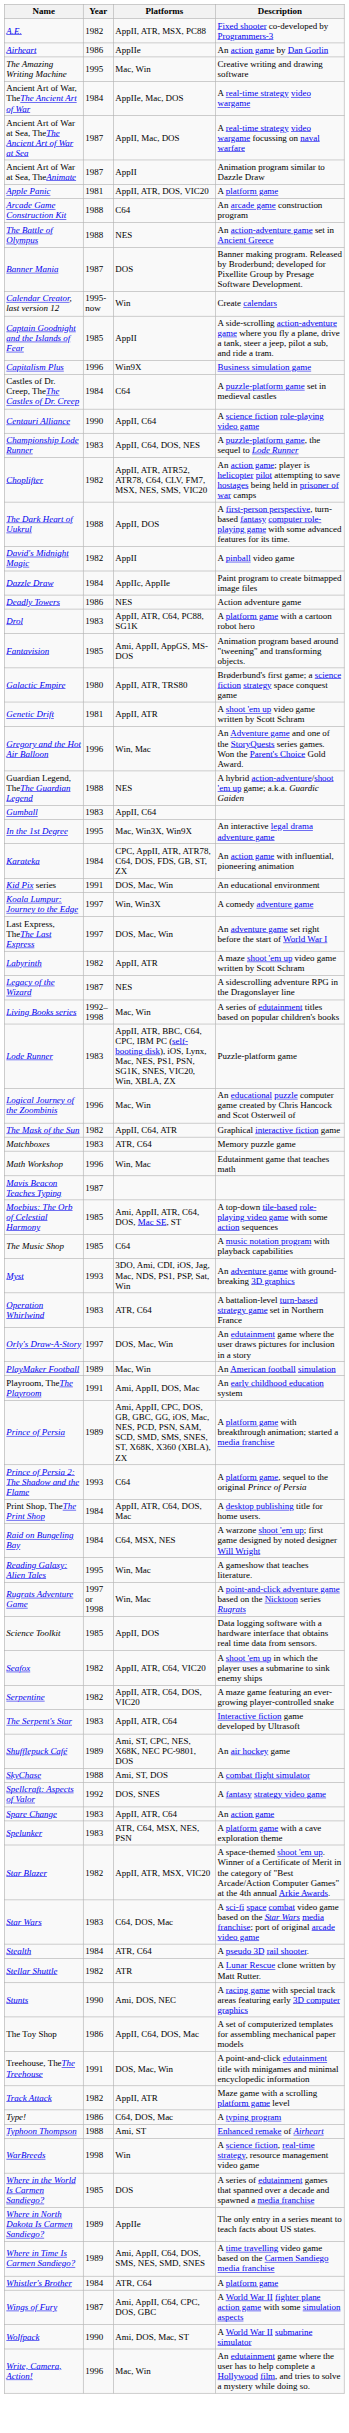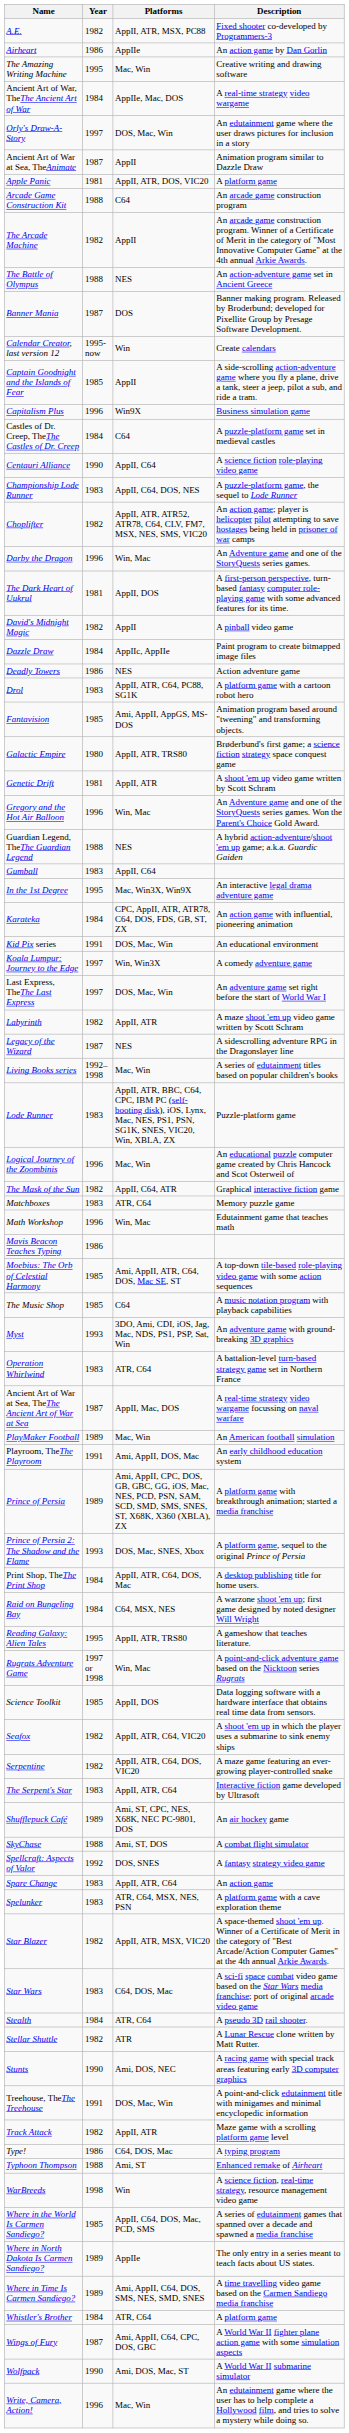 <table class="wikitable sortable">
 <tr>
 <th>Name</th>
 <th>Year</th>
 <th class="unsortable">Platforms</th>
 <th class="unsortable">Description</th>
 </tr>
 <tr id="A">
 <td><em><a href='#'>A.E.</a></em></td>
 <td>1982</td>
 <td>AppII, ATR, MSX, PC88</td>
 <td><a href='#'>Fixed shooter</a> co-developed by <a href='#'>Programmers-3</a></td>
 </tr>
 <tr>
 <td><em><a href='#'>Airheart</a></em></td>
 <td>1986</td>
 <td>AppIIe</td>
 <td>An <a href='#'>action game</a> by <a href='#'>Dan Gorlin</a></td>
 </tr>
 <tr>
 <td><em>The Amazing Writing Machine</em></td>
 <td>1995</td>
 <td>Mac, Win</td>
 <td>Creative writing and drawing software</td>
 </tr>
 <tr>
 <td><span>Ancient Art of War, The</span><em><a href='#'>The Ancient Art of War</a></em></td>
 <td>1984</td>
 <td>AppIIe, Mac, DOS</td>
 <td>A <a href='#'>real-time strategy</a> <a href='#'>video wargame</a></td>
 </tr>
 <tr>
-<td><span>Ancient Art of War at Sea, The</span><em><a href='#'>The Ancient Art of War at Sea</a></em></td>
-<td>1987</td>
-<td>AppII, Mac, DOS</td>
-<td>A <a href='#'>real-time strategy</a> <a href='#'>video wargame</a> focussing on <a href='#'>naval warfare</a></td>
+<td><em><a href='#'>Orly's Draw-A-Story</a></em></td>
+<td>1997</td>
+<td>DOS, Mac, Win</td>
+<td>An <a href='#'>edutainment</a> game where the user draws pictures for inclusion in a story</td>
 </tr>
 <tr>
 <td><span>Ancient Art of War at Sea, The</span><em><a href='#'>Animate</a></em></td>
 <td>1987</td>
 <td>AppII</td>
 <td>Animation program similar to Dazzle Draw</td>
 </tr>
 <tr>
 <td><em><a href='#'>Apple Panic</a></em></td>
 <td>1981</td>
 <td>AppII, ATR, DOS, VIC20</td>
 <td>A <a href='#'>platform game</a></td>
 </tr>
 <tr>
 <td><em><a href='#'>Arcade Game Construction Kit</a></em></td>
 <td>1988</td>
 <td>C64</td>
 <td>An <a href='#'>arcade game</a> construction program</td>
+</tr>
+<tr>
+<td><em><a href='#'>The Arcade Machine</a></em></td>
+<td>1982</td>
+<td>AppII</td>
+<td>An <a href='#'>arcade game</a> construction program. Winner of a Certificate of Merit in the category of "Most Innovative Computer Game" at the 4th annual <a href='#'>Arkie Awards</a>.</td>
 </tr>
 <tr id="B">
 <td><em><a href='#'>The Battle of Olympus</a></em></td>
 <td>1988</td>
 <td>NES</td>
 <td>An <a href='#'>action-adventure game</a> set in <a href='#'>Ancient Greece</a></td>
 </tr>
 <tr>
 <td><em><a href='#'>Banner Mania</a></em></td>
 <td>1987</td>
 <td>DOS</td>
 <td>Banner making program. Released by Broderbund; developed for Pixellite Group by Presage Software Development.</td>
 </tr>
 <tr id="C">
 <td><em><a href='#'>Calendar Creator</a>, last version 12</em></td>
 <td>1995-now</td>
 <td>Win</td>
 <td>Create <a href='#'>calendars</a></td>
 </tr>
 <tr>
 <td><em><a href='#'>Captain Goodnight and the Islands of Fear</a></em></td>
 <td>1985</td>
 <td>AppII</td>
 <td>A side-scrolling <a href='#'>action-adventure game</a> where you fly a plane, drive a tank, steer a jeep, pilot a sub, and ride a tram.</td>
 </tr>
 <tr>
 <td><em><a href='#'>Capitalism Plus</a></em></td>
 <td>1996</td>
 <td>Win9X</td>
 <td><a href='#'>Business simulation game</a></td>
 </tr>
 <tr>
 <td><span>Castles of Dr. Creep, The</span><em><a href='#'>The Castles of Dr. Creep</a></em></td>
 <td>1984</td>
 <td>C64</td>
 <td>A <a href='#'>puzzle-platform game</a> set in medieval castles</td>
 </tr>
 <tr>
 <td><em><a href='#'>Centauri Alliance</a></em></td>
 <td>1990</td>
 <td>AppII, C64</td>
 <td>A <a href='#'>science fiction</a> <a href='#'>role-playing video game</a></td>
 </tr>
 <tr>
 <td><em><a href='#'>Championship Lode Runner</a></em></td>
 <td>1983</td>
 <td>AppII, C64, DOS, NES</td>
 <td>A <a href='#'>puzzle-platform game</a>, the sequel to <em><a href='#'>Lode Runner</a></em></td>
 </tr>
 <tr>
 <td><em><a href='#'>Choplifter</a></em></td>
 <td>1982</td>
 <td>AppII, ATR, ATR52, ATR78, C64, CLV, FM7, MSX, NES, SMS, VIC20</td>
 <td>An <a href='#'>action game</a>; player is <a href='#'>helicopter</a> <a href='#'>pilot</a> attempting to save <a href='#'>hostages</a> being held in <a href='#'>prisoner of war</a> camps</td>
 </tr>
+<tr id="D">
+<td><em><a href='#'>Darby the Dragon</a></em></td>
+<td>1996</td>
+<td>Win, Mac</td>
+<td>An <a href='#'>Adventure game</a> and one of the 	<a href='#'>StoryQuests</a> series games.</td>
+</tr>
 <tr>
 <td><em><a href='#'>The Dark Heart of Uukrul</a></em></td>
-<td>1988</td>
+<td>1981</td>
 <td>AppII, DOS</td>
 <td>A <a href='#'>first-person perspective</a>, turn-based <a href='#'>fantasy</a> <a href='#'>computer role-playing game</a> with some advanced features for its time.</td>
 </tr>
 <tr>
 <td><em><a href='#'>David's Midnight Magic</a></em></td>
 <td>1982</td>
 <td>AppII</td>
 <td>A <a href='#'>pinball</a> video game</td>
 </tr>
 <tr>
 <td><em><a href='#'>Dazzle Draw</a></em></td>
 <td>1984</td>
 <td>AppIIc, AppIIe</td>
 <td>Paint program to create bitmapped image files</td>
 </tr>
 <tr>
 <td><em><a href='#'>Deadly Towers</a></em></td>
 <td>1986</td>
 <td>NES</td>
 <td>Action adventure game</td>
 </tr>
 <tr>
 <td><em><a href='#'>Drol</a></em></td>
 <td>1983</td>
 <td>AppII, ATR, C64, PC88, SG1K</td>
 <td>A <a href='#'>platform game</a> with a cartoon robot hero<br></td>
 </tr>
 <tr id="F">
 <td><em><a href='#'>Fantavision</a></em></td>
 <td>1985</td>
 <td>Ami, AppII, AppGS, MS-DOS</td>
 <td>Animation program based around "tweening" and transforming objects.</td>
 </tr>
 <tr id="G">
 <td><em><a href='#'>Galactic Empire</a></em></td>
 <td>1980</td>
 <td>AppII, ATR, TRS80</td>
 <td>Brøderbund's first game; a <a href='#'>science fiction</a> <a href='#'>strategy</a> space conquest game</td>
 </tr>
 <tr>
 <td><em><a href='#'>Genetic Drift</a></em></td>
 <td>1981</td>
 <td>AppII, ATR</td>
 <td>A <a href='#'>shoot 'em up</a> video game written by Scott Schram</td>
 </tr>
 <tr>
 <td><em><a href='#'>Gregory and the Hot Air Balloon</a></em></td>
 <td>1996</td>
 <td>Win, Mac</td>
 <td>An <a href='#'>Adventure game</a> and one of the 	<a href='#'>StoryQuests</a> series games. Won the <a href='#'>Parent's Choice</a> Gold Award.</td>
 </tr>
 <tr>
 <td><span>Guardian Legend, The</span><em><a href='#'>The Guardian Legend</a></em></td>
 <td>1988</td>
 <td>NES</td>
 <td>A hybrid <a href='#'>action-adventure</a>/<a href='#'>shoot 'em up</a> game; a.k.a. <em>Guardic Gaiden</em></td>
 </tr>
 <tr>
 <td><em><a href='#'>Gumball</a></em></td>
 <td>1983</td>
 <td>AppII, C64</td>
 </tr>
 <tr>
 <td><em><a href='#'>In the 1st Degree</a></em></td>
 <td>1995</td>
 <td>Mac, Win3X, Win9X</td>
 <td>An interactive <a href='#'>legal drama</a> <a href='#'>adventure game</a><br>  </td>
 </tr>
 <tr id="K">
 <td><em><a href='#'>Karateka</a></em></td>
 <td>1984</td>
 <td>CPC, AppII, ATR, ATR78, C64, DOS, FDS, GB, ST, ZX</td>
 <td>An <a href='#'>action game</a> with influential, pioneering animation</td>
 </tr>
 <tr>
 <td><em><a href='#'>Kid Pix</a></em> series</td>
 <td>1991</td>
 <td>DOS, Mac, Win</td>
 <td>An educational environment</td>
 </tr>
 <tr>
 <td><em><a href='#'>Koala Lumpur: Journey to the Edge</a></em></td>
 <td>1997</td>
 <td>Win, Win3X</td>
 <td>A comedy <a href='#'>adventure game</a></td>
 </tr>
 <tr>
 <td><span>Last Express, The</span><em><a href='#'>The Last Express</a></em></td>
 <td>1997</td>
 <td>DOS, Mac, Win</td>
 <td>An <a href='#'>adventure game</a> set right before the start of <a href='#'>World War I</a></td>
 </tr>
 <tr id="L">
 <td><em><a href='#'>Labyrinth</a></em></td>
 <td>1982</td>
 <td>AppII, ATR</td>
 <td>A maze <a href='#'>shoot 'em up</a> video game written by Scott Schram</td>
 </tr>
 <tr>
 <td><em><a href='#'>Legacy of the Wizard</a></em></td>
 <td>1987</td>
 <td>NES</td>
 <td>A sidescrolling adventure RPG in the Dragonslayer line</td>
 </tr>
 <tr>
 <td><em><a href='#'>Living Books series</a></em></td>
 <td>1992–1998</td>
 <td>Mac, Win</td>
 <td>A series of <a href='#'>edutainment</a> titles based on popular children's books</td>
 </tr>
 <tr>
 <td><em><a href='#'>Lode Runner</a></em></td>
 <td>1983</td>
 <td>AppII, ATR, BBC, C64, CPC, IBM PC (<a href='#'>self-booting disk</a>), iOS, Lynx, Mac, NES, PS1, PSN, SG1K, SNES, VIC20, Win, XBLA, ZX</td>
 <td>Puzzle-platform game</td>
 </tr>
 <tr>
 <td><em><a href='#'>Logical Journey of the Zoombinis</a></em></td>
 <td>1996</td>
 <td>Mac, Win</td>
 <td>An <a href='#'>educational</a> <a href='#'>puzzle</a> computer game created by Chris Hancock and Scot Osterweil of </td>
 </tr>
 <tr id="M">
 <td><em><a href='#'>The Mask of the Sun</a></em></td>
 <td>1982</td>
 <td>AppII, C64, ATR</td>
 <td>Graphical <a href='#'>interactive fiction</a> game</td>
 </tr>
 <tr>
 <td><em>Matchboxes</em></td>
 <td>1983</td>
 <td>ATR, C64</td>
 <td>Memory puzzle game</td>
 </tr>
 <tr>
 <td><em>Math Workshop</em></td>
 <td>1996</td>
 <td>Win, Mac</td>
 <td>Edutainment game that teaches math</td>
 </tr>
 <tr>
 <td><em><a href='#'>Mavis Beacon Teaches Typing</a></em></td>
-<td>1987</td>
+<td>1986</td>
 <td></td>
 <td></td>
 </tr>
 <tr>
 <td><em><a href='#'>Moebius: The Orb of Celestial Harmony</a></em></td>
 <td>1985</td>
 <td>Ami, AppII, ATR, C64, DOS, <a href='#'>Mac SE</a>, ST</td>
 <td>A top-down <a href='#'>tile-based</a> <a href='#'>role-playing video game</a> with some <a href='#'>action</a> sequences</td>
 </tr>
 <tr>
 <td><em>The Music Shop</em></td>
 <td>1985</td>
 <td>C64</td>
 <td>A <a href='#'>music notation program</a> with playback capabilities</td>
 </tr>
 <tr>
 <td><em><a href='#'>Myst</a></em></td>
 <td>1993</td>
 <td>3DO, Ami, CDI, iOS, Jag, Mac, NDS, PS1, PSP, Sat, Win</td>
 <td>An <a href='#'>adventure game</a> with ground-breaking <a href='#'>3D graphics</a><br></td>
 </tr>
 <tr id="O">
 <td><em><a href='#'>Operation Whirlwind</a></em></td>
 <td>1983</td>
 <td>ATR, C64</td>
 <td>A battalion-level <a href='#'>turn-based strategy game</a> set in Northern France</td>
 </tr>
 <tr>
-<td><em><a href='#'>Orly's Draw-A-Story</a></em></td>
-<td>1997</td>
-<td>DOS, Mac, Win</td>
-<td>An <a href='#'>edutainment</a> game where the user draws pictures for inclusion in a story</td>
+<td><span>Ancient Art of War at Sea, The</span><em><a href='#'>The Ancient Art of War at Sea</a></em></td>
+<td>1987</td>
+<td>AppII, Mac, DOS</td>
+<td>A <a href='#'>real-time strategy</a> <a href='#'>video wargame</a> focussing on <a href='#'>naval warfare</a></td>
 </tr>
 <tr id="P">
 <td><em><a href='#'>PlayMaker Football</a></em></td>
 <td>1989</td>
 <td>Mac, Win</td>
 <td>An <a href='#'>American football</a> <a href='#'>simulation</a></td>
 </tr>
 <tr>
 <td><span>Playroom, The</span><em><a href='#'>The Playroom</a></em></td>
 <td>1991</td>
 <td>Ami, AppII, DOS, Mac</td>
 <td>An <a href='#'>early childhood education</a> system</td>
 </tr>
 <tr>
 <td><em><a href='#'>Prince of Persia</a></em></td>
 <td>1989</td>
 <td>Ami, AppII, CPC, DOS, GB, GBC, GG, iOS, Mac, NES, PCD, PSN, SAM, SCD, SMD, SMS, SNES, ST, X68K, X360 (XBLA), ZX</td>
 <td>A <a href='#'>platform game</a> with breakthrough animation; started a <a href='#'>media franchise</a></td>
 </tr>
 <tr>
 <td><em><a href='#'>Prince of Persia 2: The Shadow and the Flame</a></em></td>
 <td>1993</td>
-<td>C64</td>
+<td>DOS, Mac, SNES, Xbox</td>
 <td>A <a href='#'>platform game</a>, sequel to the original <em>Prince of Persia</em></td>
 </tr>
 <tr>
 <td><span>Print Shop, The</span><em><a href='#'>The Print Shop</a></em></td>
 <td>1984</td>
 <td>AppII, ATR, C64, DOS, Mac</td>
 <td>A <a href='#'>desktop publishing</a> title for home users.<br></td>
 </tr>
 <tr id="R">
 <td><em><a href='#'>Raid on Bungeling Bay</a></em></td>
 <td>1984</td>
 <td>C64, MSX, NES</td>
 <td>A warzone <a href='#'>shoot 'em up</a>; first game designed by noted designer <a href='#'>Will Wright</a></td>
 </tr>
 <tr>
 <td><em><a href='#'>Reading Galaxy: Alien Tales</a></em></td>
 <td>1995</td>
-<td>Win, Mac</td>
+<td>AppII, ATR, TRS80</td>
 <td>A gameshow that teaches literature.</td>
 </tr>
 <tr>
 <td><em><a href='#'>Rugrats Adventure Game</a></em></td>
 <td>1997 or 1998</td>
 <td>Win, Mac</td>
 <td>A <a href='#'>point-and-click adventure game</a> based on the <a href='#'>Nicktoon</a> series <em><a href='#'>Rugrats</a></em></td>
 </tr>
 <tr id="S">
 <td><em>Science Toolkit</em></td>
 <td>1985</td>
 <td>AppII, DOS</td>
 <td>Data logging software with a hardware interface that obtains real time data from sensors.</td>
 </tr>
 <tr>
 <td><em><a href='#'>Seafox</a></em></td>
 <td>1982</td>
 <td>AppII, ATR, C64, VIC20</td>
 <td>A <a href='#'>shoot 'em up</a> in which the player uses a submarine to sink enemy ships</td>
 </tr>
 <tr>
 <td><em><a href='#'>Serpentine</a></em></td>
 <td>1982</td>
 <td>AppII, ATR, C64, DOS, VIC20</td>
 <td>A maze game featuring an ever-growing player-controlled snake</td>
 </tr>
 <tr>
 <td><em><a href='#'>The Serpent's Star</a></em></td>
 <td>1983</td>
 <td>AppII, ATR, C64</td>
 <td><a href='#'>Interactive fiction</a> game developed by Ultrasoft</td>
 </tr>
 <tr>
 <td><em><a href='#'>Shufflepuck Café</a></em></td>
 <td>1989</td>
 <td>Ami, ST, CPC, NES, X68K, NEC PC-9801, DOS</td>
 <td>An <a href='#'>air hockey</a> game</td>
 </tr>
 <tr>
 <td><em><a href='#'>SkyChase</a></em></td>
 <td>1988</td>
 <td>Ami, ST, DOS</td>
 <td>A <a href='#'>combat flight simulator</a></td>
 </tr>
 <tr>
 <td><em><a href='#'>Spellcraft: Aspects of Valor</a></em></td>
 <td>1992</td>
 <td>DOS, SNES</td>
 <td>A <a href='#'>fantasy</a> <a href='#'>strategy video game</a></td>
 </tr>
 <tr>
 <td><em><a href='#'>Spare Change</a></em></td>
 <td>1983</td>
 <td>AppII, ATR, C64</td>
 <td>An <a href='#'>action game</a></td>
 </tr>
 <tr>
 <td><em><a href='#'>Spelunker</a></em></td>
 <td>1983</td>
 <td>ATR, C64, MSX, NES, PSN</td>
 <td>A <a href='#'>platform game</a> with a cave exploration theme</td>
 </tr>
 <tr>
 <td><em><a href='#'>Star Blazer</a></em></td>
 <td>1982</td>
 <td>AppII, ATR, MSX, VIC20</td>
 <td>A space-themed <a href='#'>shoot 'em up</a>. Winner of a Certificate of Merit in the category of "Best Arcade/Action Computer Games" at the 4th annual <a href='#'>Arkie Awards</a>.</td>
 </tr>
 <tr>
 <td><em><a href='#'>Star Wars</a></em></td>
 <td>1983</td>
 <td>C64, DOS, Mac</td>
 <td>A <a href='#'>sci-fi</a> <a href='#'>space</a> <a href='#'>combat</a> video game based on the <em><a href='#'>Star Wars</a></em> <a href='#'>media franchise</a>; port of original <a href='#'>arcade video game</a></td>
 </tr>
 <tr>
 <td><em><a href='#'>Stealth</a></em></td>
 <td>1984</td>
 <td>ATR, C64</td>
 <td>A <a href='#'>pseudo 3D</a> <a href='#'>rail shooter</a>.</td>
 </tr>
 <tr>
 <td><em><a href='#'>Stellar Shuttle</a></em></td>
 <td>1982</td>
 <td>ATR</td>
 <td>A <a href='#'>Lunar Rescue</a> clone written by Matt Rutter.</td>
 </tr>
 <tr>
 <td><em><a href='#'>Stunts</a></em></td>
 <td>1990</td>
 <td>Ami, DOS, NEC</td>
 <td>A <a href='#'>racing game</a> with special track areas featuring early <a href='#'>3D computer graphics</a></td>
 </tr>
-<tr>
-<td>The Toy Shop</td>
-<td>1986</td>
-<td>AppII, C64, DOS, Mac</td>
-<td>A set of computerized templates for assembling mechanical paper models</td>
-</tr>
 <tr id="T">
 <td><span>Treehouse, The</span><em><a href='#'>The Treehouse</a></em></td>
 <td>1991</td>
 <td>DOS, Mac, Win</td>
 <td>A point-and-click <a href='#'>edutainment</a> title with minigames and minimal encyclopedic information</td>
 </tr>
 <tr>
 <td><em><a href='#'>Track Attack</a></em></td>
 <td>1982</td>
 <td>AppII, ATR</td>
 <td>Maze game with a scrolling <a href='#'>platform game</a> level</td>
 </tr>
 <tr>
 <td><em>Type!</em></td>
 <td>1986</td>
 <td>C64, DOS, Mac</td>
 <td>A <a href='#'>typing program</a></td>
 </tr>
 <tr>
 <td><em><a href='#'>Typhoon Thompson</a></em></td>
 <td>1988</td>
 <td>Ami, ST</td>
 <td><a href='#'>Enhanced remake</a> of <em><a href='#'>Airheart</a></em><br> </td>
 </tr>
 <tr id="W">
 <td><em><a href='#'>WarBreeds</a></em></td>
 <td>1998</td>
 <td>Win</td>
 <td>A <a href='#'>science fiction</a>, <a href='#'>real-time strategy</a>, resource management video game</td>
 </tr>
 <tr>
 <td><em><a href='#'>Where in the World Is Carmen Sandiego?</a></em></td>
 <td>1985</td>
-<td>DOS</td>
+<td>AppII, C64, DOS, Mac, PCD, SMS</td>
 <td>A series of <a href='#'>edutainment</a> games that spanned over a decade and spawned a <a href='#'>media franchise</a></td>
 </tr>
 <tr>
 <td><em><a href='#'>Where in North Dakota Is Carmen Sandiego?</a></em></td>
 <td>1989</td>
 <td>AppIIe</td>
 <td>The only entry in a series meant to teach facts about US states.</td>
 </tr>
 <tr>
 <td><em><a href='#'>Where in Time Is Carmen Sandiego?</a></em></td>
 <td>1989</td>
 <td>Ami, AppII, C64, DOS, SMS, NES, SMD, SNES</td>
 <td>A <a href='#'>time travelling</a> video game based on the <a href='#'>Carmen Sandiego</a> <a href='#'>media franchise</a></td>
 </tr>
 <tr>
 <td><em><a href='#'>Whistler's Brother</a></em></td>
 <td>1984</td>
 <td>ATR, C64</td>
 <td>A <a href='#'>platform game</a></td>
 </tr>
 <tr>
 <td><em><a href='#'>Wings of Fury</a></em></td>
 <td>1987</td>
 <td>Ami, AppII, C64, CPC, DOS, GBC</td>
 <td>A <a href='#'>World War II</a> <a href='#'>fighter plane</a> <a href='#'>action game</a> with some <a href='#'>simulation aspects</a></td>
 </tr>
 <tr>
 <td><em><a href='#'>Wolfpack</a></em></td>
 <td>1990</td>
 <td>Ami, DOS, Mac, ST</td>
 <td>A <a href='#'>World War II</a> <a href='#'>submarine simulator</a></td>
 </tr>
 <tr>
 <td><em><a href='#'>Write, Camera, Action!</a></em></td>
 <td>1996</td>
 <td>Mac, Win</td>
 <td>An <a href='#'>edutainment</a> game where the user has to help complete a <a href='#'>Hollywood</a> <a href='#'>film</a>, and tries to solve a mystery while doing so.<br>  </td>
 </tr>
 </table>
